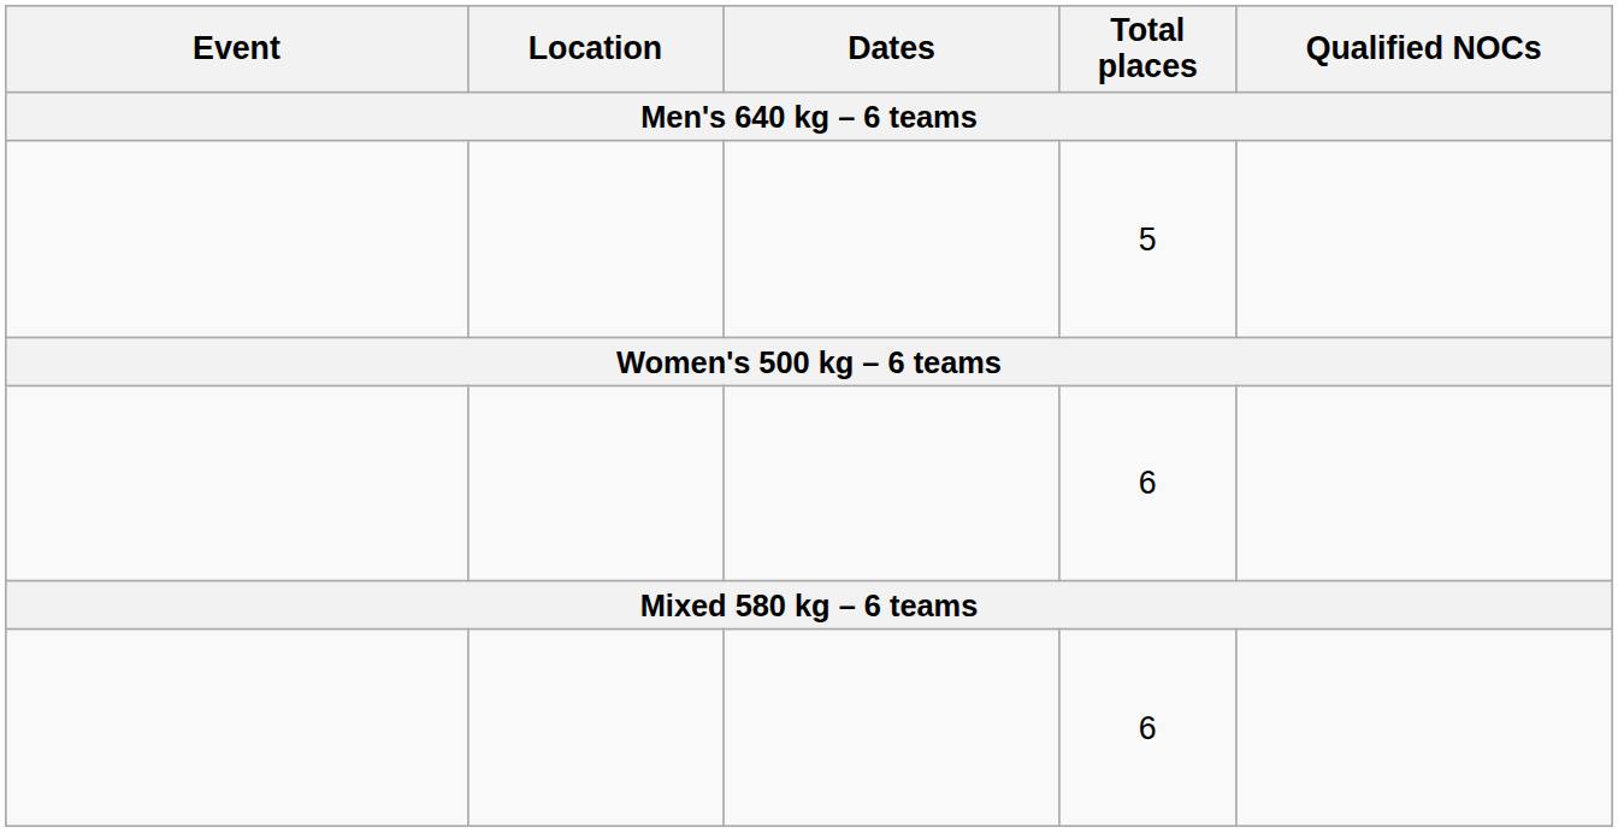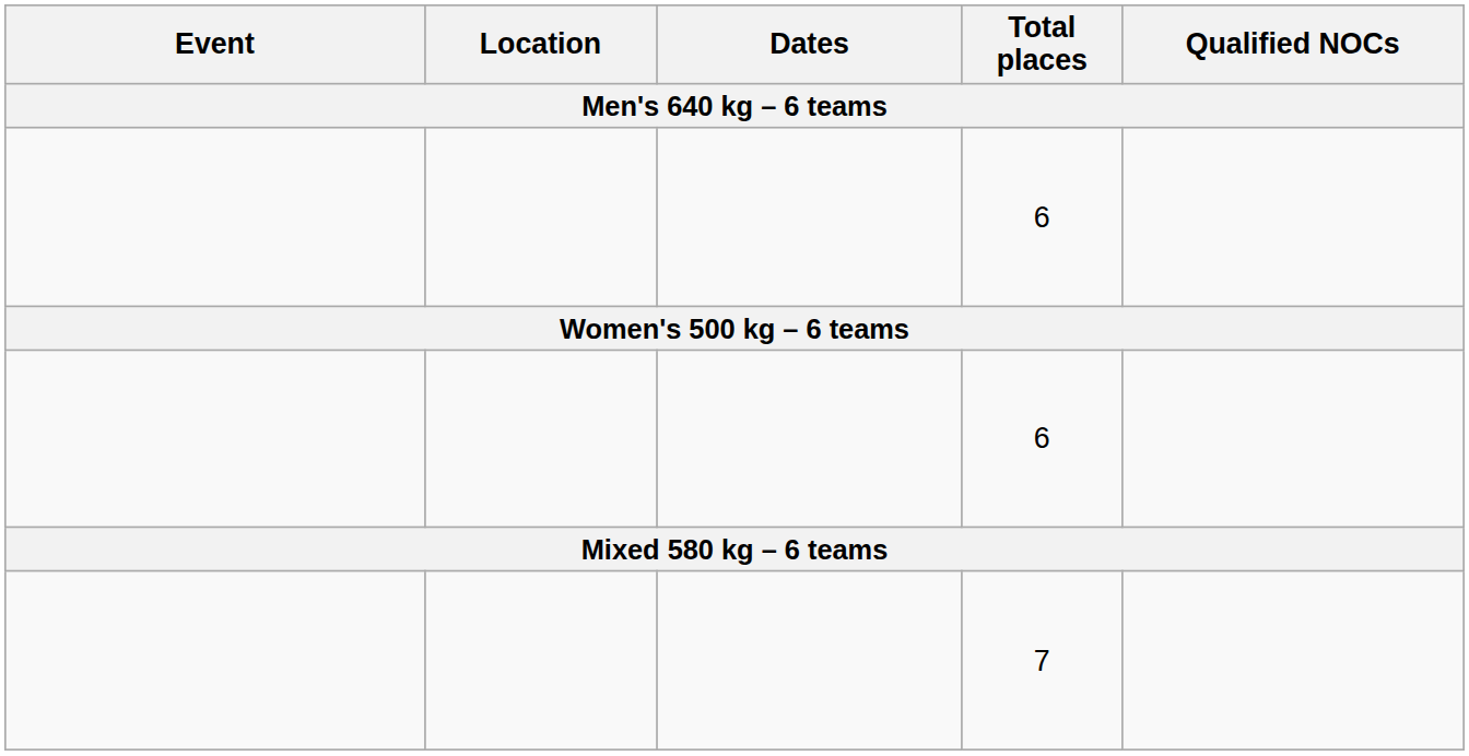 <table class="wikitable" width=800>
 <tr>
 <th>Event</th>
 <th width=120>Location</th>
 <th width=160>Dates</th>
 <th width=80>Total places</th>
 <th width=180>Qualified NOCs</th>
 </tr>
 <tr style="font-size:95%;">
 <th colspan=5>Men's 640 kg – 6 teams</th>
 </tr>
 <tr>
 <td></td>
 <td></td>
 <td align="center"></td>
-<td align="center">5</td>
+<td align="center">6</td>
 <td><br><br><br><br><br></td>
 </tr>
 <tr style="font-size:95%;">
 <th colspan=5>Women's 500 kg – 6 teams</th>
 </tr>
 <tr>
 <td></td>
 <td></td>
 <td align="center"></td>
 <td align="center">6</td>
 <td><br><br><br><br><br></td>
 </tr>
 <tr style="font-size:95%;">
 <th colspan=5>Mixed 580 kg – 6 teams</th>
 </tr>
 <tr>
 <td></td>
 <td></td>
 <td align="center"></td>
-<td align="center">6</td>
+<td align="center">7</td>
 <td><br><br><br><br><br></td>
 </tr>
 </table>
